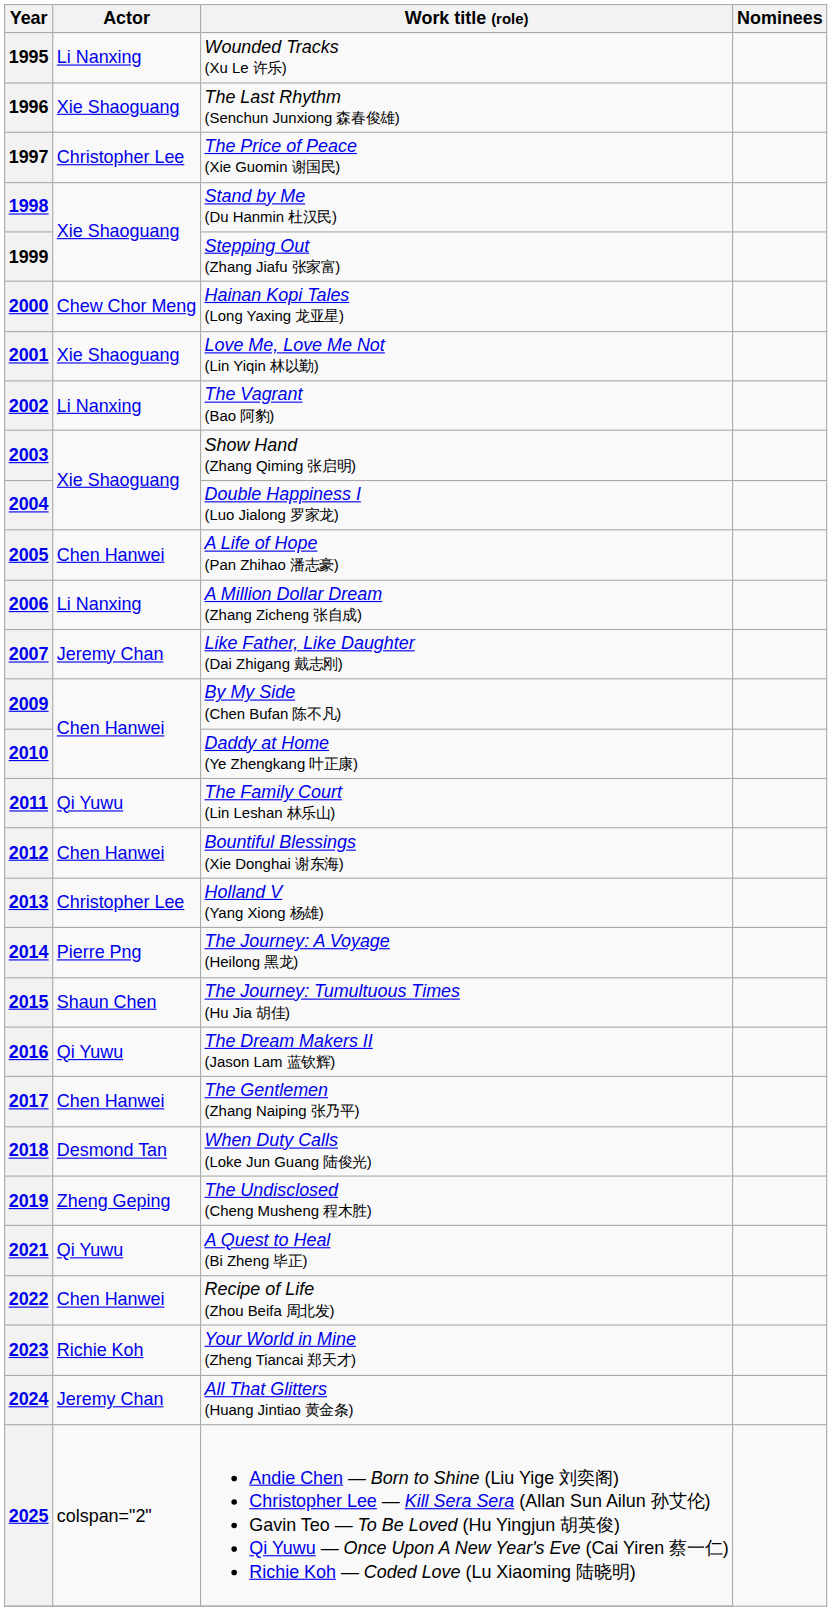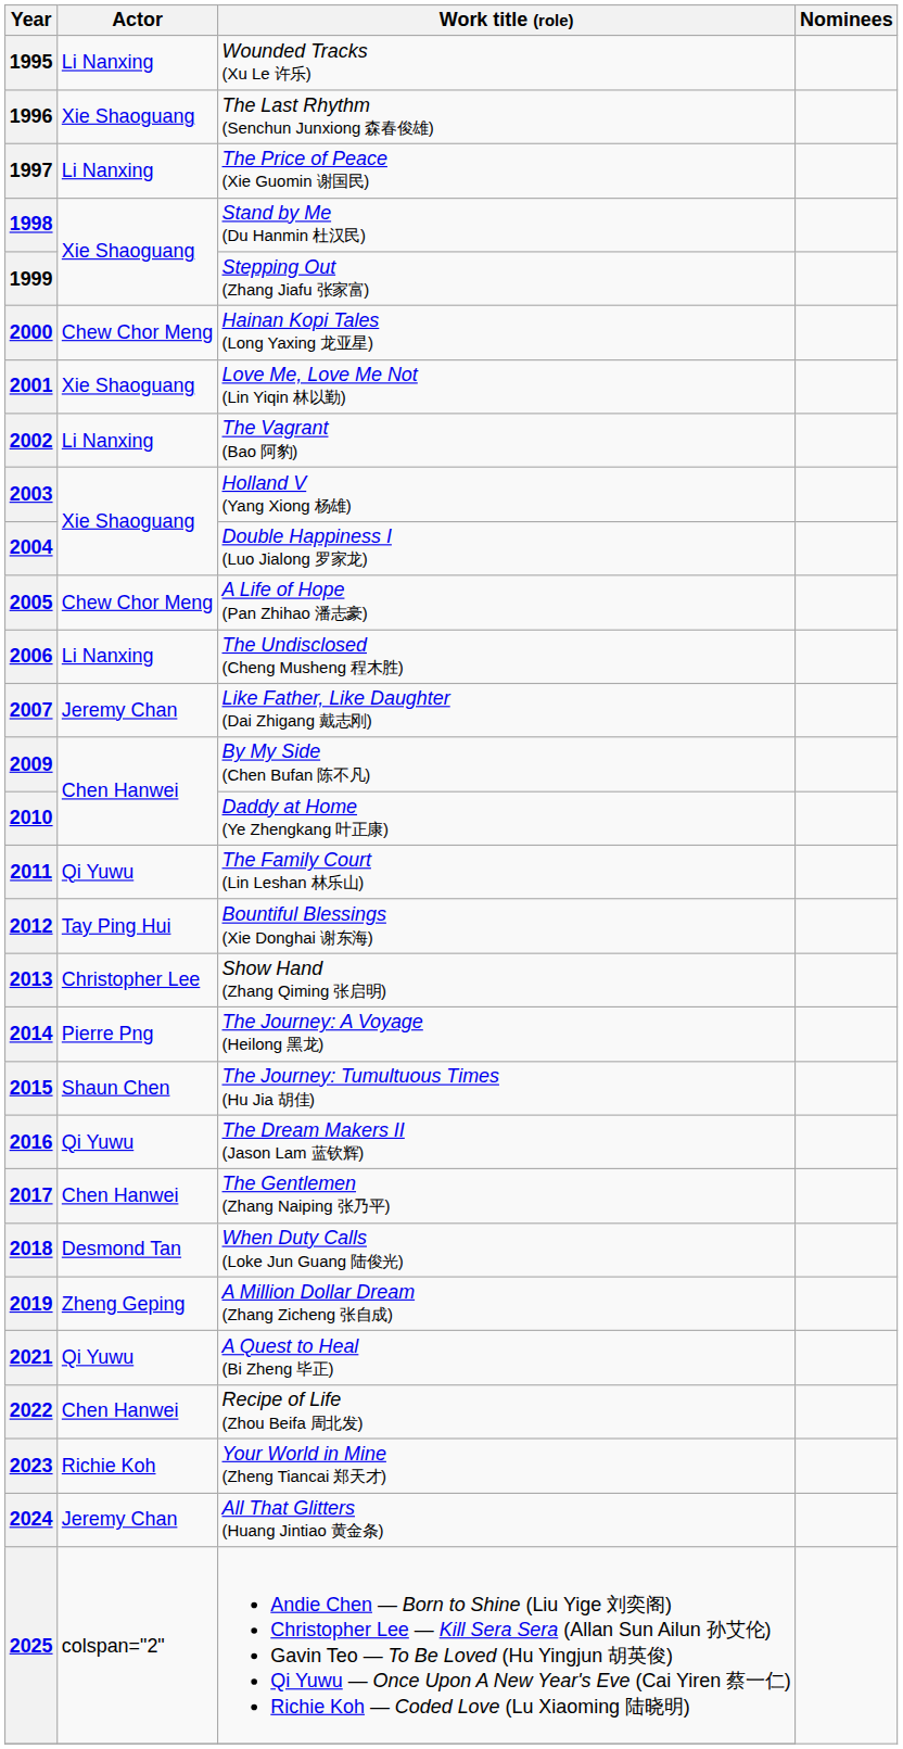 <table class="wikitable sortable">
 <tr>
 <th>Year</th>
 <th>Actor</th>
 <th>Work title <small>(role)</small></th>
 <th>Nominees</th>
 </tr>
 <tr>
 <th scope="row">1995</th>
 <td><a href='#'>Li Nanxing</a></td>
 <td><em>Wounded Tracks</em><br><small>(Xu Le 许乐)</small></td>
 <td></td>
 </tr>
 <tr>
 <th scope="row">1996</th>
 <td><a href='#'>Xie Shaoguang</a></td>
 <td><em>The Last Rhythm</em><br><small>(Senchun Junxiong 森春俊雄)</small></td>
 <td></td>
 </tr>
 <tr>
 <th scope="row">1997</th>
-<td><a href='#'>Christopher Lee</a></td>
+<td><a href='#'>Li Nanxing</a></td>
 <td><em><a href='#'>The Price of Peace</a></em><br><small>(Xie Guomin 谢国民)</small></td>
 <td></td>
 </tr>
 <tr>
 <th scope="row"><a href='#'>1998</a></th>
 <td rowspan=2><a href='#'>Xie Shaoguang</a></td>
 <td><em><a href='#'>Stand by Me</a></em><br><small>(Du Hanmin 杜汉民)</small></td>
 <td></td>
 </tr>
 <tr>
 <th scope="row">1999</th>
 <td><em><a href='#'>Stepping Out</a> </em><br><small>(Zhang Jiafu 张家富)</small></td>
 <td></td>
 </tr>
 <tr>
 <th scope="row"><a href='#'>2000</a></th>
 <td><a href='#'>Chew Chor Meng</a></td>
 <td><em><a href='#'>Hainan Kopi Tales</a></em><br><small>(Long Yaxing 龙亚星)</small></td>
 <td></td>
 </tr>
 <tr>
 <th scope="row"><a href='#'>2001</a></th>
 <td><a href='#'>Xie Shaoguang</a></td>
 <td><em><a href='#'>Love Me, Love Me Not</a></em><br><small>(Lin Yiqin 林以勤)</small></td>
 <td></td>
 </tr>
 <tr>
 <th scope="row"><a href='#'>2002</a></th>
 <td><a href='#'>Li Nanxing</a></td>
 <td><em><a href='#'>The Vagrant</a> </em><br><small>(Bao 阿豹)</small></td>
 <td></td>
 </tr>
 <tr>
 <th scope="row"><a href='#'>2003</a></th>
 <td rowspan=2><a href='#'>Xie Shaoguang</a></td>
-<td><em>Show Hand </em><br><small>(Zhang Qiming 张启明)</small></td>
+<td><em><a href='#'>Holland V</a></em><br><small>(Yang Xiong 杨雄)</small></td>
 <td></td>
 </tr>
 <tr>
 <th scope="row"><a href='#'>2004</a></th>
 <td><em><a href='#'>Double Happiness I</a> </em><br><small>(Luo Jialong 罗家龙)</small></td>
 <td></td>
 </tr>
 <tr>
 <th scope="row"><a href='#'>2005</a></th>
-<td><a href='#'>Chen Hanwei</a></td>
+<td><a href='#'>Chew Chor Meng</a></td>
 <td><em><a href='#'>A Life of Hope</a></em><br><small>(Pan Zhihao 潘志豪)</small></td>
 <td></td>
 </tr>
 <tr>
 <th scope="row"><a href='#'>2006</a></th>
 <td><a href='#'>Li Nanxing</a></td>
-<td><em><a href='#'>A Million Dollar Dream</a> </em><br><small>(Zhang Zicheng 张自成)</small></td>
+<td><em><a href='#'>The Undisclosed</a> </em><br><small>(Cheng Musheng 程木胜)</small></td>
 <td></td>
 </tr>
 <tr>
 <th scope="row"><a href='#'>2007</a></th>
 <td><a href='#'>Jeremy Chan</a></td>
 <td><em><a href='#'>Like Father, Like Daughter</a></em><br><small>(Dai Zhigang 戴志刚)</small></td>
 <td></td>
 </tr>
 <tr>
 <th scope="row"><a href='#'>2009</a></th>
 <td rowspan=2><a href='#'>Chen Hanwei</a></td>
 <td><em><a href='#'>By My Side</a> </em><br><small>(Chen Bufan 陈不凡)</small></td>
 <td></td>
 </tr>
 <tr>
 <th scope="row"><a href='#'>2010</a></th>
 <td><em><a href='#'>Daddy at Home</a> </em><br><small>(Ye Zhengkang 叶正康)</small></td>
 <td></td>
 </tr>
 <tr>
 <th scope="row"><a href='#'>2011</a></th>
 <td><a href='#'>Qi Yuwu</a></td>
 <td><em><a href='#'>The Family Court</a></em><br><small>(Lin Leshan 林乐山)</small></td>
 <td></td>
 </tr>
 <tr>
 <th scope="row"><a href='#'>2012</a></th>
-<td><a href='#'>Chen Hanwei</a></td>
+<td><a href='#'>Tay Ping Hui</a></td>
 <td><em><a href='#'>Bountiful Blessings</a> </em><br><small>(Xie Donghai 谢东海)</small></td>
 <td></td>
 </tr>
 <tr>
 <th scope="row"><a href='#'>2013</a></th>
 <td><a href='#'>Christopher Lee</a></td>
-<td><em><a href='#'>Holland V</a></em><br><small>(Yang Xiong 杨雄)</small></td>
+<td><em>Show Hand </em><br><small>(Zhang Qiming 张启明)</small></td>
 <td></td>
 </tr>
 <tr>
 <th scope="row"><a href='#'>2014</a></th>
 <td><a href='#'>Pierre Png</a></td>
 <td><em><a href='#'>The Journey: A Voyage</a></em><br><small>(Heilong 黑龙)</small></td>
 <td></td>
 </tr>
 <tr>
 <th scope="row"><a href='#'>2015</a></th>
 <td><a href='#'>Shaun Chen</a></td>
 <td><em><a href='#'>The Journey: Tumultuous Times</a></em><br><small>(Hu Jia 胡佳)</small></td>
 <td></td>
 </tr>
 <tr>
 <th scope="row"><a href='#'>2016</a></th>
 <td><a href='#'>Qi Yuwu</a></td>
 <td><em><a href='#'>The Dream Makers II</a></em><br><small>(Jason Lam 蓝钦辉)</small></td>
 <td></td>
 </tr>
 <tr>
 <th scope="row"><a href='#'>2017</a></th>
 <td><a href='#'>Chen Hanwei</a></td>
 <td><em><a href='#'>The Gentlemen</a> </em><br><small>(Zhang Naiping 张乃平)</small></td>
 <td></td>
 </tr>
 <tr>
 <th scope="row"><a href='#'>2018</a></th>
 <td><a href='#'>Desmond Tan</a></td>
 <td><em><a href='#'>When Duty Calls</a> </em><br><small>(Loke Jun Guang 陆俊光)</small></td>
 <td></td>
 </tr>
 <tr>
 <th scope="row"><a href='#'>2019</a></th>
 <td><a href='#'>Zheng Geping</a></td>
-<td><em><a href='#'>The Undisclosed</a> </em><br><small>(Cheng Musheng 程木胜)</small></td>
+<td><em><a href='#'>A Million Dollar Dream</a> </em><br><small>(Zhang Zicheng 张自成)</small></td>
 <td></td>
 </tr>
 <tr>
 <th scope="row"><a href='#'>2021</a></th>
 <td><a href='#'>Qi Yuwu</a></td>
 <td><em><a href='#'>A Quest to Heal</a></em><br><small>(Bi Zheng 毕正)</small></td>
 <td></td>
 </tr>
 <tr>
 <th scope="row"><a href='#'>2022</a></th>
 <td><a href='#'>Chen Hanwei</a></td>
 <td><em>Recipe of Life</em><br><small>(Zhou Beifa 周北发)</small></td>
 <td></td>
 </tr>
 <tr>
 <th scope="row"><a href='#'>2023</a></th>
 <td><a href='#'>Richie Koh</a></td>
 <td><em><a href='#'>Your World in Mine</a></em><br><small>(Zheng Tiancai 郑天才)</small></td>
 <td></td>
 </tr>
 <tr>
 <th scope="row"><a href='#'>2024</a></th>
 <td><a href='#'>Jeremy Chan</a></td>
 <td><em><a href='#'>All That Glitters</a></em> <br><small>(Huang Jintiao 黄金条)</small></td>
 <td></td>
 </tr>
 <tr>
 <th scope="row"><a href='#'>2025</a></th>
 <td>colspan="2" </td>
 <td {{smalldiv><br><ul><li><a href='#'>Andie Chen</a>  — <em>Born to Shine</em> (Liu Yige 刘奕阁)</li><li><a href='#'>Christopher Lee</a>  — <em><a href='#'>Kill Sera Sera</a></em> (Allan Sun Ailun 孙艾伦)</li><li>Gavin Teo — <em>To Be Loved</em> (Hu Yingjun 胡英俊)</li><li><a href='#'>Qi Yuwu</a>  — <em>Once Upon A New Year's Eve</em> (Cai Yiren 蔡一仁)</li><li><a href='#'>Richie Koh</a>  — <em>Coded Love</em> (Lu Xiaoming 陆晓明)</li></ul></td>
 </tr>
 <tr>
 </tr>
 </table>
